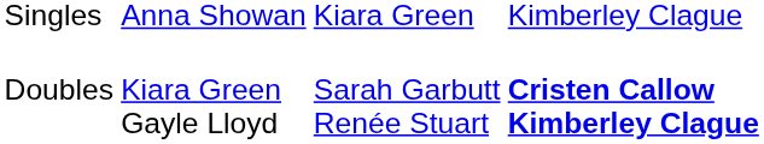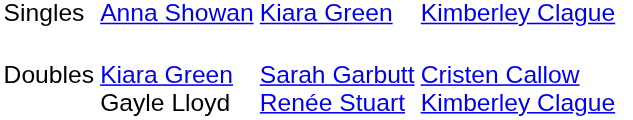 <table>
 <tr>
 <td>Singles</td>
 <td> <a href='#'>Anna Showan</a></td>
 <td> <a href='#'>Kiara Green</a></td>
 <td> <a href='#'>Kimberley Clague</a></td>
 </tr>
 <tr>
 <td>Doubles</td>
 <td><br><a href='#'>Kiara Green</a><br>Gayle Lloyd</td>
 <td><br><a href='#'>Sarah Garbutt</a><br><a href='#'>Renée Stuart</a></td>
-<td><strong><br><a href='#'>Cristen Callow</a><br><a href='#'>Kimberley Clague</a></strong></td>
+<td><br><a href='#'>Cristen Callow</a><br><a href='#'>Kimberley Clague</a></td>
 </tr>
 </table>
